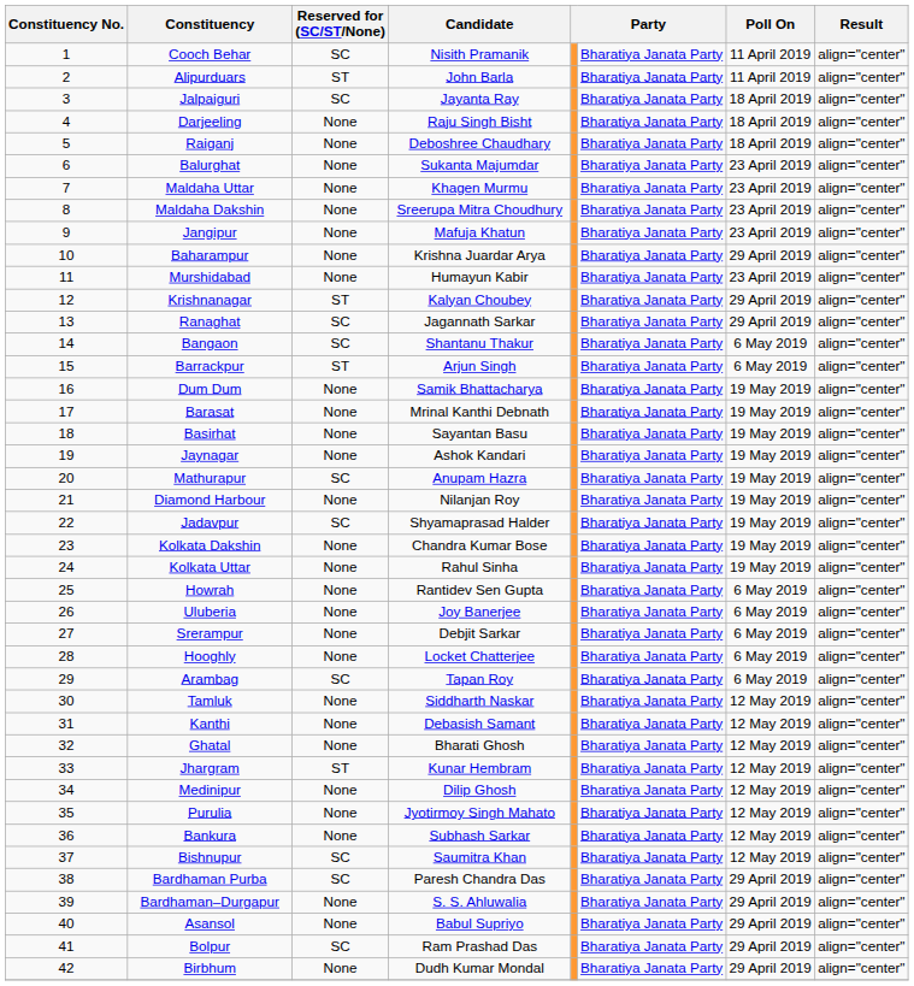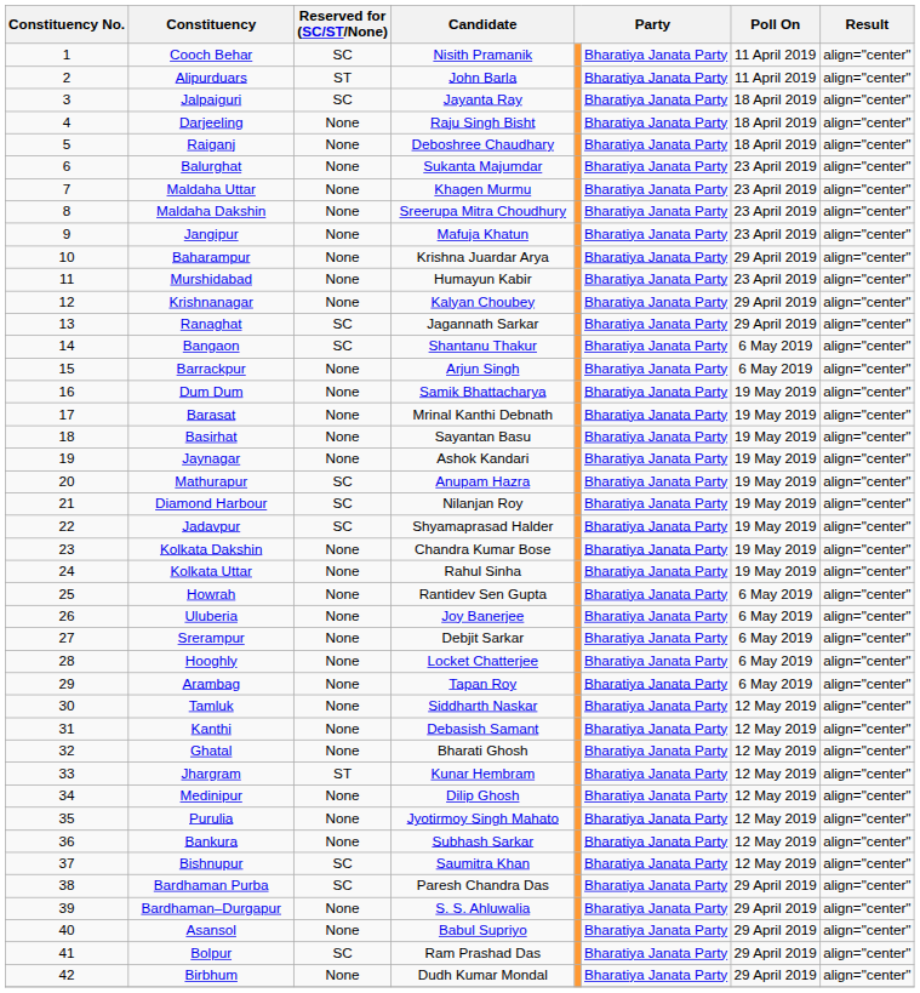 <table class="wikitable sortable" style="text-align:center;">
 <tr>
 <th>Constituency No.</th>
 <th style="width:180px;">Constituency</th>
 <th>Reserved for<br>(<a href='#'>SC/ST</a>/None)</th>
 <th style="width:200px;">Candidate</th>
 <th colspan="2">Party</th>
 <th>Poll On</th>
 <th>Result</th>
 </tr>
 <tr>
 <td align="center">1</td>
 <td><a href='#'>Cooch Behar</a></td>
 <td align="center">SC</td>
 <td><a href='#'>Nisith Pramanik</a></td>
 <td bgcolor=#FF9933></td>
 <td><a href='#'>Bharatiya Janata Party</a></td>
 <td align="center">11 April 2019</td>
 <td>align="center" </td>
 </tr>
 <tr>
 <td align="center">2</td>
 <td><a href='#'>Alipurduars</a></td>
 <td align="center">ST</td>
 <td><a href='#'>John Barla</a></td>
 <td bgcolor=#FF9933></td>
 <td><a href='#'>Bharatiya Janata Party</a></td>
 <td align="center">11 April 2019</td>
 <td>align="center" </td>
 </tr>
 <tr>
 <td align="center">3</td>
 <td><a href='#'>Jalpaiguri</a></td>
 <td align="center">SC</td>
 <td><a href='#'>Jayanta Ray</a></td>
 <td bgcolor=#FF9933></td>
 <td><a href='#'>Bharatiya Janata Party</a></td>
 <td align="center">18 April 2019</td>
 <td>align="center" </td>
 </tr>
 <tr>
 <td align="center">4</td>
 <td><a href='#'>Darjeeling</a></td>
 <td align="center">None</td>
 <td><a href='#'>Raju Singh Bisht</a></td>
 <td bgcolor=#FF9933></td>
 <td><a href='#'>Bharatiya Janata Party</a></td>
 <td align="center">18 April 2019</td>
 <td>align="center" </td>
 </tr>
 <tr>
 <td align="center">5</td>
 <td><a href='#'>Raiganj</a></td>
 <td align="center">None</td>
 <td><a href='#'>Deboshree Chaudhary</a></td>
 <td bgcolor=#FF9933></td>
 <td><a href='#'>Bharatiya Janata Party</a></td>
 <td align="center">18 April 2019</td>
 <td>align="center" </td>
 </tr>
 <tr>
 <td align="center">6</td>
 <td><a href='#'>Balurghat</a></td>
 <td align="center">None</td>
 <td><a href='#'>Sukanta Majumdar</a></td>
 <td bgcolor=#FF9933></td>
 <td><a href='#'>Bharatiya Janata Party</a></td>
 <td align="center">23 April 2019</td>
 <td>align="center" </td>
 </tr>
 <tr>
 <td align="center">7</td>
 <td><a href='#'>Maldaha Uttar</a></td>
 <td align="center">None</td>
 <td><a href='#'>Khagen Murmu</a></td>
 <td bgcolor=#FF9933></td>
 <td><a href='#'>Bharatiya Janata Party</a></td>
 <td align="center">23 April 2019</td>
 <td>align="center" </td>
 </tr>
 <tr>
 <td align="center">8</td>
 <td><a href='#'>Maldaha Dakshin</a></td>
 <td align="center">None</td>
 <td><a href='#'>Sreerupa Mitra Choudhury</a></td>
 <td bgcolor="#FF9933"></td>
 <td><a href='#'>Bharatiya Janata Party</a></td>
 <td align="center">23 April 2019</td>
 <td>align="center" </td>
 </tr>
 <tr>
 <td align="center">9</td>
 <td><a href='#'>Jangipur</a></td>
 <td align="center">None</td>
 <td><a href='#'>Mafuja Khatun</a></td>
 <td bgcolor=#FF9933></td>
 <td><a href='#'>Bharatiya Janata Party</a></td>
 <td align="center">23 April 2019</td>
 <td>align="center" </td>
 </tr>
 <tr>
 <td align="center">10</td>
 <td><a href='#'>Baharampur</a></td>
 <td align="center">None</td>
 <td>Krishna Juardar Arya</td>
 <td bgcolor="#FF9933"></td>
 <td><a href='#'>Bharatiya Janata Party</a></td>
 <td align="center">29 April 2019</td>
 <td>align="center" </td>
 </tr>
 <tr>
 <td align="center">11</td>
 <td><a href='#'>Murshidabad</a></td>
 <td align="center">None</td>
 <td>Humayun Kabir</td>
 <td bgcolor=#FF9933></td>
 <td><a href='#'>Bharatiya Janata Party</a></td>
 <td align="center">23 April 2019</td>
 <td>align="center" </td>
 </tr>
 <tr>
 <td align="center">12</td>
 <td><a href='#'>Krishnanagar</a></td>
-<td align="center">ST</td>
+<td align="center">None</td>
 <td><a href='#'>Kalyan Choubey</a></td>
 <td bgcolor="#FF9933"></td>
 <td><a href='#'>Bharatiya Janata Party</a></td>
 <td align="center">29 April 2019</td>
 <td>align="center" </td>
 </tr>
 <tr>
 <td align="center">13</td>
 <td><a href='#'>Ranaghat</a></td>
 <td align="center">SC</td>
 <td>Jagannath Sarkar</td>
 <td bgcolor=#FF9933></td>
 <td><a href='#'>Bharatiya Janata Party</a></td>
 <td align="center">29 April 2019</td>
 <td>align="center" </td>
 </tr>
 <tr>
 <td align="center">14</td>
 <td><a href='#'>Bangaon</a></td>
 <td align="center">SC</td>
 <td><a href='#'>Shantanu Thakur</a></td>
 <td bgcolor=#FF9933></td>
 <td><a href='#'>Bharatiya Janata Party</a></td>
 <td align="center">6 May 2019</td>
 <td>align="center" </td>
 </tr>
 <tr>
 <td align="center">15</td>
 <td><a href='#'>Barrackpur</a></td>
-<td align="center">ST</td>
+<td align="center">None</td>
 <td><a href='#'>Arjun Singh</a></td>
 <td bgcolor=#FF9933></td>
 <td><a href='#'>Bharatiya Janata Party</a></td>
 <td align="center">6 May 2019</td>
 <td>align="center" </td>
 </tr>
 <tr>
 <td align="center">16</td>
 <td><a href='#'>Dum Dum</a></td>
 <td align="center">None</td>
 <td><a href='#'>Samik Bhattacharya</a></td>
 <td bgcolor=#FF9933></td>
 <td><a href='#'>Bharatiya Janata Party</a></td>
 <td align="center">19 May 2019</td>
 <td>align="center" </td>
 </tr>
 <tr>
 <td align="center">17</td>
 <td><a href='#'>Barasat</a></td>
 <td align="center">None</td>
 <td>Mrinal Kanthi Debnath</td>
 <td bgcolor="#FF9933"></td>
 <td><a href='#'>Bharatiya Janata Party</a></td>
 <td align="center">19 May 2019</td>
 <td>align="center" </td>
 </tr>
 <tr>
 <td align="center">18</td>
 <td><a href='#'>Basirhat</a></td>
 <td align="center">None</td>
 <td>Sayantan Basu</td>
 <td bgcolor=#FF9933></td>
 <td><a href='#'>Bharatiya Janata Party</a></td>
 <td align="center">19 May 2019</td>
 <td>align="center" </td>
 </tr>
 <tr>
 <td align="center">19</td>
 <td><a href='#'>Jaynagar</a></td>
 <td align="center">None</td>
 <td>Ashok Kandari</td>
 <td bgcolor="#FF9933"></td>
 <td><a href='#'>Bharatiya Janata Party</a></td>
 <td align="center">19 May 2019</td>
 <td>align="center" </td>
 </tr>
 <tr>
 <td align="center">20</td>
 <td><a href='#'>Mathurapur</a></td>
 <td align="center">SC</td>
 <td><a href='#'>Anupam Hazra</a></td>
 <td bgcolor="#FF9933"></td>
 <td><a href='#'>Bharatiya Janata Party</a></td>
 <td align="center">19 May 2019</td>
 <td>align="center" </td>
 </tr>
 <tr>
 <td align="center">21</td>
 <td><a href='#'>Diamond Harbour</a></td>
-<td align="center">None</td>
+<td align="center">SC</td>
 <td>Nilanjan Roy</td>
 <td bgcolor=#FF9933></td>
 <td><a href='#'>Bharatiya Janata Party</a></td>
 <td align="center">19 May 2019</td>
 <td>align="center" </td>
 </tr>
 <tr>
 <td align="center">22</td>
 <td><a href='#'>Jadavpur</a></td>
 <td align="center">SC</td>
 <td>Shyamaprasad Halder</td>
 <td bgcolor=#FF9933></td>
 <td><a href='#'>Bharatiya Janata Party</a></td>
 <td align="center">19 May 2019</td>
 <td>align="center" </td>
 </tr>
 <tr>
 <td align="center">23</td>
 <td><a href='#'>Kolkata Dakshin</a></td>
 <td align="center">None</td>
 <td>Chandra Kumar Bose</td>
 <td bgcolor=#FF9933></td>
 <td><a href='#'>Bharatiya Janata Party</a></td>
 <td align="center">19 May 2019</td>
 <td>align="center" </td>
 </tr>
 <tr>
 <td align="center">24</td>
 <td><a href='#'>Kolkata Uttar</a></td>
 <td align="center">None</td>
 <td>Rahul Sinha</td>
 <td bgcolor=#FF9933></td>
 <td><a href='#'>Bharatiya Janata Party</a></td>
 <td align="center">19 May 2019</td>
 <td>align="center" </td>
 </tr>
 <tr>
 <td align="center">25</td>
 <td><a href='#'>Howrah</a></td>
 <td align="center">None</td>
 <td>Rantidev Sen Gupta</td>
 <td bgcolor=#FF9933></td>
 <td><a href='#'>Bharatiya Janata Party</a></td>
 <td align="center">6 May 2019</td>
 <td>align="center" </td>
 </tr>
 <tr>
 <td align="center">26</td>
 <td><a href='#'>Uluberia</a></td>
 <td align="center">None</td>
 <td><a href='#'>Joy Banerjee</a></td>
 <td bgcolor=#FF9933></td>
 <td><a href='#'>Bharatiya Janata Party</a></td>
 <td align="center">6 May 2019</td>
 <td>align="center" </td>
 </tr>
 <tr>
 <td align="center">27</td>
 <td><a href='#'>Srerampur</a></td>
 <td align="center">None</td>
 <td>Debjit Sarkar</td>
 <td bgcolor="#FF9933"></td>
 <td><a href='#'>Bharatiya Janata Party</a></td>
 <td align="center">6 May 2019</td>
 <td>align="center" </td>
 </tr>
 <tr>
 <td align="center">28</td>
 <td><a href='#'>Hooghly</a></td>
 <td align="center">None</td>
 <td><a href='#'>Locket Chatterjee</a></td>
 <td bgcolor=#FF9933></td>
 <td><a href='#'>Bharatiya Janata Party</a></td>
 <td align="center">6 May 2019</td>
 <td>align="center" </td>
 </tr>
 <tr>
 <td align="center">29</td>
 <td><a href='#'>Arambag</a></td>
-<td align="center">SC</td>
+<td align="center">None</td>
 <td><a href='#'>Tapan Roy</a></td>
 <td bgcolor=#FF9933></td>
 <td><a href='#'>Bharatiya Janata Party</a></td>
 <td align="center">6 May 2019</td>
 <td>align="center" </td>
 </tr>
 <tr>
 <td align="center">30</td>
 <td><a href='#'>Tamluk</a></td>
 <td align="center">None</td>
 <td><a href='#'>Siddharth Naskar</a></td>
 <td bgcolor=#FF9933></td>
 <td><a href='#'>Bharatiya Janata Party</a></td>
 <td align="center">12 May 2019</td>
 <td>align="center" </td>
 </tr>
 <tr>
 <td align="center">31</td>
 <td><a href='#'>Kanthi</a></td>
 <td align="center">None</td>
 <td><a href='#'>Debasish Samant</a></td>
 <td bgcolor=#FF9933></td>
 <td><a href='#'>Bharatiya Janata Party</a></td>
 <td align="center">12 May 2019</td>
 <td>align="center" </td>
 </tr>
 <tr>
 <td align="center">32</td>
 <td><a href='#'>Ghatal</a></td>
 <td align="center">None</td>
 <td>Bharati Ghosh</td>
 <td bgcolor=#FF9933></td>
 <td><a href='#'>Bharatiya Janata Party</a></td>
 <td align="center">12 May 2019</td>
 <td>align="center" </td>
 </tr>
 <tr>
 <td align="center">33</td>
 <td><a href='#'>Jhargram</a></td>
 <td align="center">ST</td>
 <td><a href='#'>Kunar Hembram</a></td>
 <td bgcolor=#FF9933></td>
 <td><a href='#'>Bharatiya Janata Party</a></td>
 <td align="center">12 May 2019</td>
 <td>align="center" </td>
 </tr>
 <tr>
 <td align="center">34</td>
 <td><a href='#'>Medinipur</a></td>
 <td align="center">None</td>
 <td><a href='#'>Dilip Ghosh</a></td>
 <td bgcolor=#FF9933></td>
 <td><a href='#'>Bharatiya Janata Party</a></td>
 <td align="center">12 May 2019</td>
 <td>align="center" </td>
 </tr>
 <tr>
 <td align="center">35</td>
 <td><a href='#'>Purulia</a></td>
 <td align="center">None</td>
 <td><a href='#'>Jyotirmoy Singh Mahato</a></td>
 <td bgcolor="#FF9933"></td>
 <td><a href='#'>Bharatiya Janata Party</a></td>
 <td align="center">12 May 2019</td>
 <td>align="center" </td>
 </tr>
 <tr>
 <td align="center">36</td>
 <td><a href='#'>Bankura</a></td>
 <td align="center">None</td>
 <td><a href='#'>Subhash Sarkar</a></td>
 <td bgcolor=#FF9933></td>
 <td><a href='#'>Bharatiya Janata Party</a></td>
 <td align="center">12 May 2019</td>
 <td>align="center" </td>
 </tr>
 <tr>
 <td align="center">37</td>
 <td><a href='#'>Bishnupur</a></td>
 <td align="center">SC</td>
 <td><a href='#'>Saumitra Khan</a></td>
 <td bgcolor=#FF9933></td>
 <td><a href='#'>Bharatiya Janata Party</a></td>
 <td align="center">12 May 2019</td>
 <td>align="center" </td>
 </tr>
 <tr>
 <td align="center">38</td>
 <td><a href='#'>Bardhaman Purba</a></td>
 <td align="center">SC</td>
 <td>Paresh Chandra Das</td>
 <td bgcolor="#FF9933"></td>
 <td><a href='#'>Bharatiya Janata Party</a></td>
 <td align="center">29 April 2019</td>
 <td>align="center" </td>
 </tr>
 <tr>
 <td align="center">39</td>
 <td><a href='#'>Bardhaman–Durgapur</a></td>
 <td align="center">None</td>
 <td><a href='#'>S. S. Ahluwalia</a></td>
 <td bgcolor="#FF9933"></td>
 <td><a href='#'>Bharatiya Janata Party</a></td>
 <td align="center">29 April 2019</td>
 <td>align="center" </td>
 </tr>
 <tr>
 <td align="center">40</td>
 <td><a href='#'>Asansol</a></td>
 <td align="center">None</td>
 <td><a href='#'>Babul Supriyo</a></td>
 <td bgcolor=#FF9933></td>
 <td><a href='#'>Bharatiya Janata Party</a></td>
 <td align="center">29 April 2019</td>
 <td>align="center" </td>
 </tr>
 <tr>
 <td align="center">41</td>
 <td><a href='#'>Bolpur</a></td>
 <td align="center">SC</td>
 <td>Ram Prashad Das</td>
 <td bgcolor="#FF9933"></td>
 <td><a href='#'>Bharatiya Janata Party</a></td>
 <td align="center">29 April 2019</td>
 <td>align="center" </td>
 </tr>
 <tr>
 <td align="center">42</td>
 <td><a href='#'>Birbhum</a></td>
 <td align="center">None</td>
 <td>Dudh Kumar Mondal</td>
 <td bgcolor="#FF9933"></td>
 <td><a href='#'>Bharatiya Janata Party</a></td>
 <td align="center">29 April 2019</td>
 <td>align="center" </td>
 </tr>
 <tr>
 </tr>
 </table>
